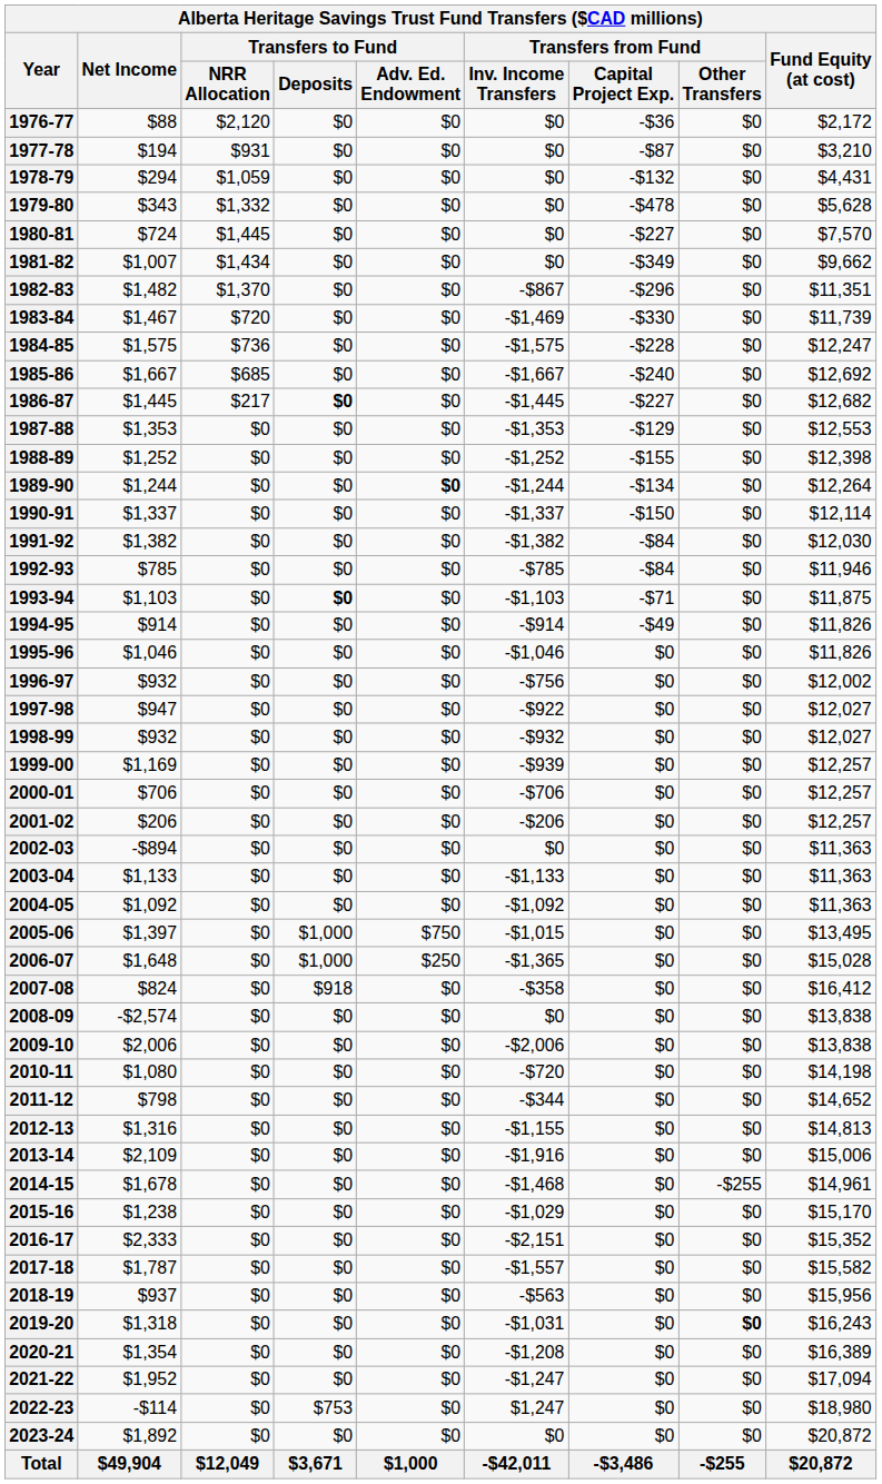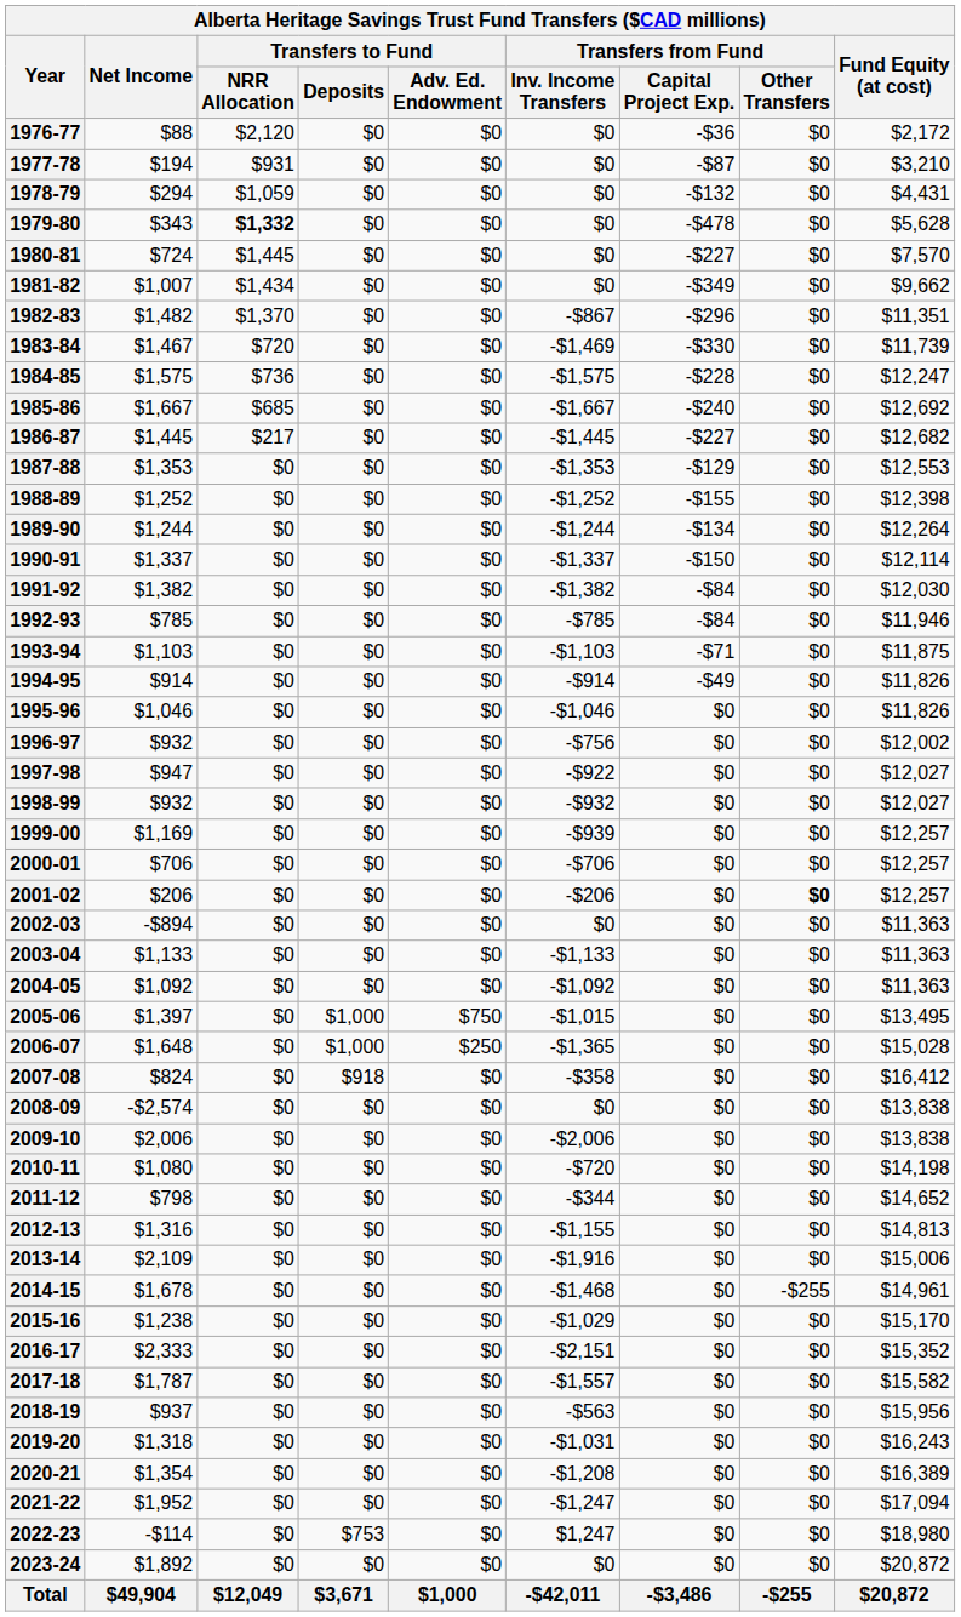 <table class="wikitable mw-collapsible sortable" style=text-align:right>
 <tr>
 <th colspan="9">Alberta Heritage Savings Trust Fund Transfers ($<a href='#'>CAD</a> millions)</th>
 </tr>
 <tr>
 <th rowspan="2">Year</th>
 <th rowspan="2">Net Income</th>
 <th colspan="3">Transfers to Fund</th>
 <th colspan="3">Transfers from Fund</th>
 <th rowspan="2">Fund Equity <br>(at cost)</th>
 </tr>
 <tr>
 <th>NRR <br>Allocation</th>
 <th>Deposits</th>
 <th>Adv. Ed. <br>Endowment</th>
 <th>Inv. Income <br>Transfers</th>
 <th>Capital <br>Project Exp.</th>
 <th>Other <br>Transfers</th>
 </tr>
 <tr>
 <th>1976-77</th>
 <td>$88</td>
 <td>$2,120</td>
 <td>$0</td>
 <td>$0</td>
 <td>$0</td>
 <td>-$36</td>
 <td>$0</td>
 <td>$2,172</td>
 </tr>
 <tr>
 <th>1977-78</th>
 <td>$194</td>
 <td>$931</td>
 <td>$0</td>
 <td>$0</td>
 <td>$0</td>
 <td>-$87</td>
 <td>$0</td>
 <td>$3,210</td>
 </tr>
 <tr>
 <th>1978-79</th>
 <td>$294</td>
 <td>$1,059</td>
 <td>$0</td>
 <td>$0</td>
 <td>$0</td>
 <td>-$132</td>
 <td>$0</td>
 <td>$4,431</td>
 </tr>
 <tr>
 <th>1979-80</th>
 <td>$343</td>
-<td>$1,332</td>
+<td><strong>$1,332</strong></td>
 <td>$0</td>
 <td>$0</td>
 <td>$0</td>
 <td>-$478</td>
 <td>$0</td>
 <td>$5,628</td>
 </tr>
 <tr>
 <th>1980-81</th>
 <td>$724</td>
 <td>$1,445</td>
 <td>$0</td>
 <td>$0</td>
 <td>$0</td>
 <td>-$227</td>
 <td>$0</td>
 <td>$7,570</td>
 </tr>
 <tr>
 <th>1981-82</th>
 <td>$1,007</td>
 <td>$1,434</td>
 <td>$0</td>
 <td>$0</td>
 <td>$0</td>
 <td>-$349</td>
 <td>$0</td>
 <td>$9,662</td>
 </tr>
 <tr>
 <th>1982-83</th>
 <td>$1,482</td>
 <td>$1,370</td>
 <td>$0</td>
 <td>$0</td>
 <td>-$867</td>
 <td>-$296</td>
 <td>$0</td>
 <td>$11,351</td>
 </tr>
 <tr>
 <th>1983-84</th>
 <td>$1,467</td>
 <td>$720</td>
 <td>$0</td>
 <td>$0</td>
 <td>-$1,469</td>
 <td>-$330</td>
 <td>$0</td>
 <td>$11,739</td>
 </tr>
 <tr>
 <th>1984-85</th>
 <td>$1,575</td>
 <td>$736</td>
 <td>$0</td>
 <td>$0</td>
 <td>-$1,575</td>
 <td>-$228</td>
 <td>$0</td>
 <td>$12,247</td>
 </tr>
 <tr>
 <th>1985-86</th>
 <td>$1,667</td>
 <td>$685</td>
 <td>$0</td>
 <td>$0</td>
 <td>-$1,667</td>
 <td>-$240</td>
 <td>$0</td>
 <td>$12,692</td>
 </tr>
 <tr>
 <th>1986-87</th>
 <td>$1,445</td>
 <td>$217</td>
-<td><strong>$0</strong></td>
+<td>$0</td>
 <td>$0</td>
 <td>-$1,445</td>
 <td>-$227</td>
 <td>$0</td>
 <td>$12,682</td>
 </tr>
 <tr>
 <th>1987-88</th>
 <td>$1,353</td>
 <td>$0</td>
 <td>$0</td>
 <td>$0</td>
 <td>-$1,353</td>
 <td>-$129</td>
 <td>$0</td>
 <td>$12,553</td>
 </tr>
 <tr>
 <th>1988-89</th>
 <td>$1,252</td>
 <td>$0</td>
 <td>$0</td>
 <td>$0</td>
 <td>-$1,252</td>
 <td>-$155</td>
 <td>$0</td>
 <td>$12,398</td>
 </tr>
 <tr>
 <th>1989-90</th>
 <td>$1,244</td>
 <td>$0</td>
 <td>$0</td>
-<td><strong>$0</strong></td>
+<td>$0</td>
 <td>-$1,244</td>
 <td>-$134</td>
 <td>$0</td>
 <td>$12,264</td>
 </tr>
 <tr>
 <th>1990-91</th>
 <td>$1,337</td>
 <td>$0</td>
 <td>$0</td>
 <td>$0</td>
 <td>-$1,337</td>
 <td>-$150</td>
 <td>$0</td>
 <td>$12,114</td>
 </tr>
 <tr>
 <th>1991-92</th>
 <td>$1,382</td>
 <td>$0</td>
 <td>$0</td>
 <td>$0</td>
 <td>-$1,382</td>
 <td>-$84</td>
 <td>$0</td>
 <td>$12,030</td>
 </tr>
 <tr>
 <th>1992-93</th>
 <td>$785</td>
 <td>$0</td>
 <td>$0</td>
 <td>$0</td>
 <td>-$785</td>
 <td>-$84</td>
 <td>$0</td>
 <td>$11,946</td>
 </tr>
 <tr>
 <th>1993-94</th>
 <td>$1,103</td>
 <td>$0</td>
-<td><strong>$0</strong></td>
+<td>$0</td>
 <td>$0</td>
 <td>-$1,103</td>
 <td>-$71</td>
 <td>$0</td>
 <td>$11,875</td>
 </tr>
 <tr>
 <th>1994-95</th>
 <td>$914</td>
 <td>$0</td>
 <td>$0</td>
 <td>$0</td>
 <td>-$914</td>
 <td>-$49</td>
 <td>$0</td>
 <td>$11,826</td>
 </tr>
 <tr>
 <th>1995-96</th>
 <td>$1,046</td>
 <td>$0</td>
 <td>$0</td>
 <td>$0</td>
 <td>-$1,046</td>
 <td>$0</td>
 <td>$0</td>
 <td>$11,826</td>
 </tr>
 <tr>
 <th>1996-97</th>
 <td>$932</td>
 <td>$0</td>
 <td>$0</td>
 <td>$0</td>
 <td>-$756</td>
 <td>$0</td>
 <td>$0</td>
 <td>$12,002</td>
 </tr>
 <tr>
 <th>1997-98</th>
 <td>$947</td>
 <td>$0</td>
 <td>$0</td>
 <td>$0</td>
 <td>-$922</td>
 <td>$0</td>
 <td>$0</td>
 <td>$12,027</td>
 </tr>
 <tr>
 <th>1998-99</th>
 <td>$932</td>
 <td>$0</td>
 <td>$0</td>
 <td>$0</td>
 <td>-$932</td>
 <td>$0</td>
 <td>$0</td>
 <td>$12,027</td>
 </tr>
 <tr>
 <th>1999-00</th>
 <td>$1,169</td>
 <td>$0</td>
 <td>$0</td>
 <td>$0</td>
 <td>-$939</td>
 <td>$0</td>
 <td>$0</td>
 <td>$12,257</td>
 </tr>
 <tr>
 <th>2000-01</th>
 <td>$706</td>
 <td>$0</td>
 <td>$0</td>
 <td>$0</td>
 <td>-$706</td>
 <td>$0</td>
 <td>$0</td>
 <td>$12,257</td>
 </tr>
 <tr>
 <th>2001-02</th>
 <td>$206</td>
 <td>$0</td>
 <td>$0</td>
 <td>$0</td>
 <td>-$206</td>
 <td>$0</td>
-<td>$0</td>
+<td><strong>$0</strong></td>
 <td>$12,257</td>
 </tr>
 <tr>
 <th>2002-03</th>
 <td>-$894</td>
 <td>$0</td>
 <td>$0</td>
 <td>$0</td>
 <td>$0</td>
 <td>$0</td>
 <td>$0</td>
 <td>$11,363</td>
 </tr>
 <tr>
 <th>2003-04</th>
 <td>$1,133</td>
 <td>$0</td>
 <td>$0</td>
 <td>$0</td>
 <td>-$1,133</td>
 <td>$0</td>
 <td>$0</td>
 <td>$11,363</td>
 </tr>
 <tr>
 <th>2004-05</th>
 <td>$1,092</td>
 <td>$0</td>
 <td>$0</td>
 <td>$0</td>
 <td>-$1,092</td>
 <td>$0</td>
 <td>$0</td>
 <td>$11,363</td>
 </tr>
 <tr>
 <th>2005-06</th>
 <td>$1,397</td>
 <td>$0</td>
 <td>$1,000</td>
 <td>$750</td>
 <td>-$1,015</td>
 <td>$0</td>
 <td>$0</td>
 <td>$13,495</td>
 </tr>
 <tr>
 <th>2006-07</th>
 <td>$1,648</td>
 <td>$0</td>
 <td>$1,000</td>
 <td>$250</td>
 <td>-$1,365</td>
 <td>$0</td>
 <td>$0</td>
 <td>$15,028</td>
 </tr>
 <tr>
 <th>2007-08</th>
 <td>$824</td>
 <td>$0</td>
 <td>$918</td>
 <td>$0</td>
 <td>-$358</td>
 <td>$0</td>
 <td>$0</td>
 <td>$16,412</td>
 </tr>
 <tr>
 <th>2008-09</th>
 <td>-$2,574</td>
 <td>$0</td>
 <td>$0</td>
 <td>$0</td>
 <td>$0</td>
 <td>$0</td>
 <td>$0</td>
 <td>$13,838</td>
 </tr>
 <tr>
 <th>2009-10</th>
 <td>$2,006</td>
 <td>$0</td>
 <td>$0</td>
 <td>$0</td>
 <td>-$2,006</td>
 <td>$0</td>
 <td>$0</td>
 <td>$13,838</td>
 </tr>
 <tr>
 <th>2010-11</th>
 <td>$1,080</td>
 <td>$0</td>
 <td>$0</td>
 <td>$0</td>
 <td>-$720</td>
 <td>$0</td>
 <td>$0</td>
 <td>$14,198</td>
 </tr>
 <tr>
 <th>2011-12</th>
 <td>$798</td>
 <td>$0</td>
 <td>$0</td>
 <td>$0</td>
 <td>-$344</td>
 <td>$0</td>
 <td>$0</td>
 <td>$14,652</td>
 </tr>
 <tr>
 <th>2012-13</th>
 <td>$1,316</td>
 <td>$0</td>
 <td>$0</td>
 <td>$0</td>
 <td>-$1,155</td>
 <td>$0</td>
 <td>$0</td>
 <td>$14,813</td>
 </tr>
 <tr>
 <th>2013-14</th>
 <td>$2,109</td>
 <td>$0</td>
 <td>$0</td>
 <td>$0</td>
 <td>-$1,916</td>
 <td>$0</td>
 <td>$0</td>
 <td>$15,006</td>
 </tr>
 <tr>
 <th>2014-15</th>
 <td>$1,678</td>
 <td>$0</td>
 <td>$0</td>
 <td>$0</td>
 <td>-$1,468</td>
 <td>$0</td>
 <td>-$255</td>
 <td>$14,961</td>
 </tr>
 <tr>
 <th>2015-16</th>
 <td>$1,238</td>
 <td>$0</td>
 <td>$0</td>
 <td>$0</td>
 <td>-$1,029</td>
 <td>$0</td>
 <td>$0</td>
 <td>$15,170</td>
 </tr>
 <tr>
 <th>2016-17</th>
 <td>$2,333</td>
 <td>$0</td>
 <td>$0</td>
 <td>$0</td>
 <td>-$2,151</td>
 <td>$0</td>
 <td>$0</td>
 <td>$15,352</td>
 </tr>
 <tr>
 <th>2017-18</th>
 <td>$1,787</td>
 <td>$0</td>
 <td>$0</td>
 <td>$0</td>
 <td>-$1,557</td>
 <td>$0</td>
 <td>$0</td>
 <td>$15,582</td>
 </tr>
 <tr>
 <th>2018-19</th>
 <td>$937</td>
 <td>$0</td>
 <td>$0</td>
 <td>$0</td>
 <td>-$563</td>
 <td>$0</td>
 <td>$0</td>
 <td>$15,956</td>
 </tr>
 <tr>
 <th>2019-20</th>
 <td>$1,318</td>
 <td>$0</td>
 <td>$0</td>
 <td>$0</td>
 <td>-$1,031</td>
 <td>$0</td>
-<td><strong>$0</strong></td>
+<td>$0</td>
 <td>$16,243</td>
 </tr>
 <tr>
 <th>2020-21</th>
 <td>$1,354</td>
 <td>$0</td>
 <td>$0</td>
 <td>$0</td>
 <td>-$1,208</td>
 <td>$0</td>
 <td>$0</td>
 <td>$16,389</td>
 </tr>
 <tr>
 <th>2021-22</th>
 <td>$1,952</td>
 <td>$0</td>
 <td>$0</td>
 <td>$0</td>
 <td>-$1,247</td>
 <td>$0</td>
 <td>$0</td>
 <td>$17,094</td>
 </tr>
 <tr>
 <th>2022-23</th>
 <td>-$114</td>
 <td>$0</td>
 <td>$753</td>
 <td>$0</td>
 <td>$1,247</td>
 <td>$0</td>
 <td>$0</td>
 <td>$18,980</td>
 </tr>
 <tr>
 <th>2023-24</th>
 <td>$1,892</td>
 <td>$0</td>
 <td>$0</td>
 <td>$0</td>
 <td>$0</td>
 <td>$0</td>
 <td>$0</td>
 <td>$20,872</td>
 </tr>
 <tr>
 <th>Total</th>
 <th>$49,904</th>
 <th>$12,049</th>
 <th>$3,671</th>
 <th>$1,000</th>
 <th>-$42,011</th>
 <th>-$3,486</th>
 <th>-$255</th>
 <th>$20,872</th>
 </tr>
 </table>
